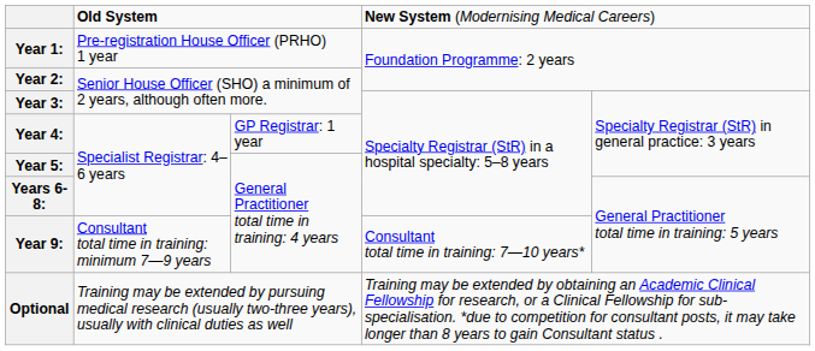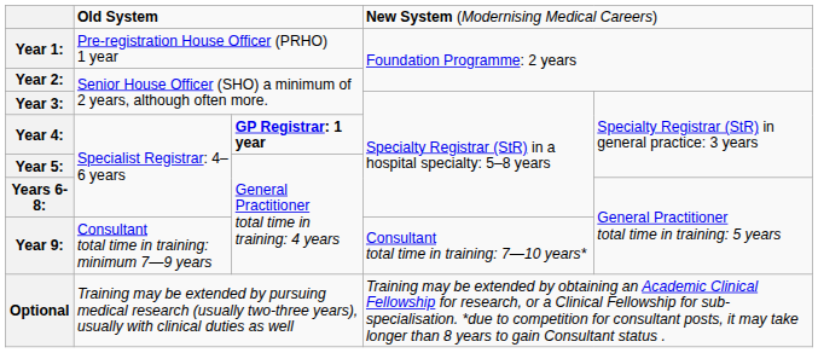 <table class="wikitable" style="width: 55em; text-align: left; font-size: 95%;">
 <tr>
 <th></th>
 <td colspan="2"><strong>Old System</strong></td>
 <td colspan="2"><strong>New System</strong> (<em>Modernising Medical Careers</em>)</td>
 </tr>
 <tr>
 <th>Year 1:</th>
 <td colspan="2"><a href='#'>Pre-registration House Officer</a> (PRHO)<br>1 year</td>
 <td colspan="2" rowspan="2"><a href='#'>Foundation Programme</a>: 2 years</td>
 </tr>
 <tr>
 <th>Year 2:</th>
 <td colspan="2" rowspan="2"><a href='#'>Senior House Officer</a> (SHO) a minimum of 2 years, although often more.</td>
 </tr>
 <tr>
 <th>Year 3:</th>
 <td rowspan="4"><a href='#'>Specialty Registrar (StR)</a> in a hospital specialty: 5–8 years</td>
 <td rowspan="3"><a href='#'>Specialty Registrar (StR)</a> in general practice: 3 years</td>
 </tr>
 <tr>
 <th>Year 4:</th>
 <td rowspan="3"><a href='#'>Specialist Registrar</a>:       4–6 years</td>
-<td><a href='#'>GP Registrar</a>:     1 year</td>
+<td><strong><a href='#'>GP Registrar</a>:     1 year</strong></td>
 </tr>
 <tr>
 <th>Year 5:</th>
 <td rowspan="3"><a href='#'>General Practitioner</a><br><em>total time in training: 4 years</em></td>
 </tr>
 <tr>
 <th>Years 6-8:</th>
 <td rowspan="2"><a href='#'>General Practitioner</a><br><em>total time in training: 5 years</em></td>
 </tr>
 <tr>
 <th>Year 9:</th>
 <td><a href='#'>Consultant</a><br><em>total time in training: minimum 7</em>—<em>9 years</em></td>
 <td><a href='#'>Consultant</a><br><em>total time in training: 7</em>—<em>10 years*</em></td>
 </tr>
 <tr>
 <th>Optional</th>
 <td colspan="2"><em>Training may be extended by pursuing medical research (usually two-three years), usually with clinical duties as well</em></td>
 <td colspan="2"><em>Training may be extended by obtaining an <a href='#'>Academic Clinical Fellowship</a> for research, or a Clinical Fellowship for sub-specialisation. *due to competition for consultant posts, it may take longer than 8 years to gain Consultant status .</em></td>
 </tr>
 </table>
